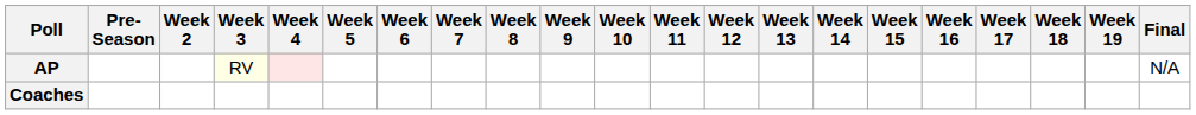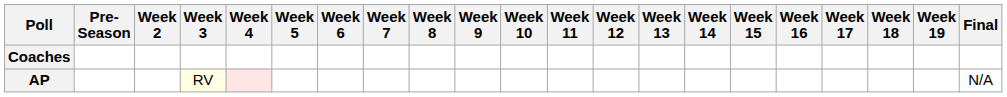 <table class="wikitable" style="white-space:nowrap;font-size:90%">
 <tr>
 <th>Poll</th>
 <th>Pre-<br>Season</th>
 <th>Week<br>2</th>
 <th>Week<br>3</th>
 <th>Week<br>4</th>
 <th>Week<br>5</th>
 <th>Week<br>6</th>
 <th>Week<br>7</th>
 <th>Week<br>8</th>
 <th>Week<br>9</th>
 <th>Week<br>10</th>
 <th>Week<br>11</th>
 <th>Week<br>12</th>
 <th>Week<br>13</th>
 <th>Week<br>14</th>
 <th>Week<br>15</th>
 <th>Week<br>16</th>
 <th>Week<br>17</th>
 <th>Week<br>18</th>
 <th>Week<br>19</th>
 <th>Final</th>
 </tr>
 <tr style="text-align:center;">
+<th>Coaches</th>
+<td style="background:#FFF;"></td>
+<td style="background:#FFF;"></td>
+<td style="background:#FFF;"></td>
+<td style="background:#FFF;"></td>
+<td style="background:#FFF;"></td>
+<td style="background:#FFF;"></td>
+<td style="background:#FFF;"></td>
+<td style="background:#FFF;"></td>
+<td style="background:#FFF;"></td>
+<td style="background:#FFF;"></td>
+<td style="background:#FFF;"></td>
+<td style="background:#FFF;"></td>
+<td style="background:#FFF;"></td>
+<td style="background:#FFF;"></td>
+<td style="background:#FFF;"></td>
+<td style="background:#FFF;"></td>
+<td style="background:#FFF;"></td>
+<td style="background:#FFF;"></td>
+<td style="background:#FFF;"></td>
+<td style="background:#FFF;"></td>
+</tr>
+<tr style="text-align:center;">
 <th>AP</th>
 <td style="background:#FFF;"></td>
 <td style="background:#FFF;"></td>
 <td style="background:#FFFFE6;">RV</td>
 <td style="background:#FFE6E6;"></td>
 <td style="background:#FFF;"></td>
 <td style="background:#FFF;"></td>
 <td style="background:#FFF;"></td>
 <td style="background:#FFF;"></td>
 <td style="background:#FFF;"></td>
 <td style="background:#FFF;"></td>
 <td style="background:#FFF;"></td>
 <td style="background:#FFF;"></td>
 <td style="background:#FFF;"></td>
 <td style="background:#FFF;"></td>
 <td style="background:#FFF;"></td>
 <td style="background:#FFF;"></td>
 <td style="background:#FFF;"></td>
 <td style="background:#FFF;"></td>
 <td style="background:#FFF;"></td>
 <td style="background:#FFF;">N/A</td>
 </tr>
-<tr style="text-align:center;">
-<th>Coaches</th>
-<td style="background:#FFF;"></td>
-<td style="background:#FFF;"></td>
-<td style="background:#FFF;"></td>
-<td style="background:#FFF;"></td>
-<td style="background:#FFF;"></td>
-<td style="background:#FFF;"></td>
-<td style="background:#FFF;"></td>
-<td style="background:#FFF;"></td>
-<td style="background:#FFF;"></td>
-<td style="background:#FFF;"></td>
-<td style="background:#FFF;"></td>
-<td style="background:#FFF;"></td>
-<td style="background:#FFF;"></td>
-<td style="background:#FFF;"></td>
-<td style="background:#FFF;"></td>
-<td style="background:#FFF;"></td>
-<td style="background:#FFF;"></td>
-<td style="background:#FFF;"></td>
-<td style="background:#FFF;"></td>
-<td style="background:#FFF;"></td>
-</tr>
 </table>
